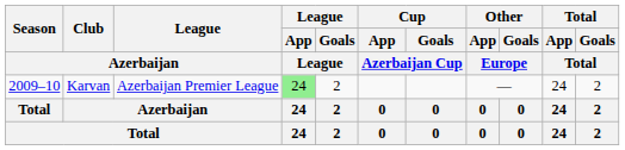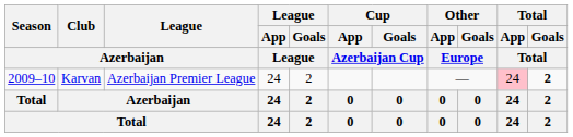 <table class="wikitable">
 <tr>
 <th rowspan=2>Season</th>
 <th ! rowspan=2>Club</th>
 <th ! rowspan=2>League</th>
 <th ! colspan=2>League</th>
 <th ! colspan=2>Cup</th>
 <th ! colspan=2>Other</th>
 <th colspan=3>Total</th>
 </tr>
 <tr>
 <th>App</th>
 <th>Goals</th>
 <th>App</th>
 <th>Goals</th>
 <th>App</th>
 <th>Goals</th>
 <th>App</th>
 <th>Goals</th>
 </tr>
 <tr>
 <th colspan=3>Azerbaijan</th>
 <th ! colspan=2>League</th>
 <th ! colspan=2><a href='#'>Azerbaijan Cup</a></th>
 <th ! colspan=2><a href='#'>Europe</a></th>
 <th colspan=3>Total</th>
 </tr>
 <tr align=center>
 <td><a href='#'>2009–10</a></td>
 <td><a href='#'>Karvan</a></td>
 <td><a href='#'>Azerbaijan Premier League</a></td>
-<td style="background: lightgreen;">24</td>
+<td>24</td>
 <td>2</td>
 <td></td>
 <td></td>
 <td colspan="2">—</td>
-<td>24</td>
-<td>2</td>
+<td style="background: pink;">24</td>
+<td><strong>2</strong></td>
 </tr>
 <tr>
 <th rowspan=1>Total</th>
 <th colspan=2>Azerbaijan</th>
 <th>24</th>
 <th>2</th>
 <th>0</th>
 <th>0</th>
 <th>0</th>
 <th>0</th>
 <th>24</th>
 <th>2</th>
 </tr>
 <tr align=center>
 <th colspan="3">Total</th>
 <th>24</th>
 <th>2</th>
 <th>0</th>
 <th>0</th>
 <th>0</th>
 <th>0</th>
 <th>24</th>
 <th>2</th>
 </tr>
 </table>
